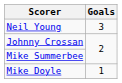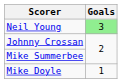 <table class="wikitable">
 <tr>
 <th>Scorer</th>
 <th>Goals</th>
 </tr>
 <tr>
 <td> <a href='#'>Neil Young</a></td>
-<td align=center>3</td>
+<td align=center style="background: lightgreen;">3</td>
 </tr>
 <tr>
 <td> <a href='#'>Johnny Crossan</a></td>
 <td rowspan="2" align=center>2</td>
 </tr>
 <tr>
 <td> <a href='#'>Mike Summerbee</a></td>
 </tr>
 <tr>
 <td> <a href='#'>Mike Doyle</a></td>
 <td align=center>1</td>
 </tr>
 </table>
